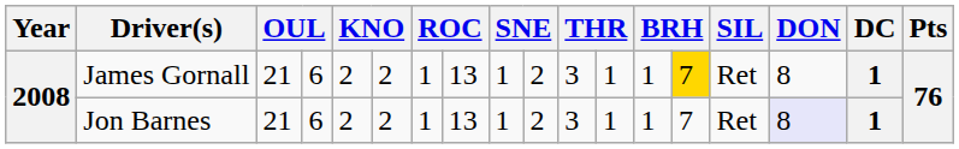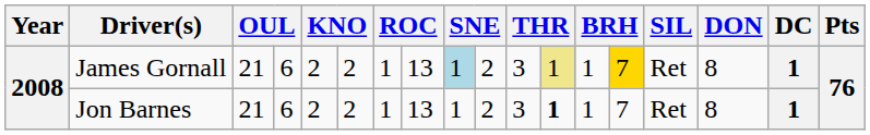 <table class="wikitable">
 <tr>
 <th>Year</th>
 <th>Driver(s)</th>
 <th colspan="2"><a href='#'>OUL</a></th>
 <th colspan="2"><a href='#'>KNO</a></th>
 <th colspan="2"><a href='#'>ROC</a></th>
 <th colspan="2"><a href='#'>SNE</a></th>
 <th colspan="2"><a href='#'>THR</a></th>
 <th colspan="2"><a href='#'>BRH</a></th>
 <th><a href='#'>SIL</a></th>
 <th><a href='#'>DON</a></th>
 <th>DC</th>
 <th>Pts</th>
 </tr>
 <tr>
 <th rowspan="2">2008</th>
 <td>James Gornall</td>
 <td>21</td>
 <td>6</td>
 <td>2</td>
 <td>2</td>
 <td>1</td>
 <td>13</td>
-<td>1</td>
+<td style="background: lightblue;">1</td>
 <td>2</td>
 <td>3</td>
-<td>1</td>
+<td style="background: khaki;">1</td>
 <td>1</td>
 <td style="background: gold;">7</td>
 <td>Ret</td>
 <td>8</td>
 <th>1</th>
 <th rowspan="2">76</th>
 </tr>
 <tr>
 <td>Jon Barnes</td>
 <td>21</td>
 <td>6</td>
 <td>2</td>
 <td>2</td>
 <td>1</td>
 <td>13</td>
 <td>1</td>
 <td>2</td>
 <td>3</td>
-<td>1</td>
+<td><strong>1</strong></td>
 <td>1</td>
 <td>7</td>
 <td>Ret</td>
-<td style="background: lavender;">8</td>
+<td>8</td>
 <th>1</th>
 </tr>
 </table>
